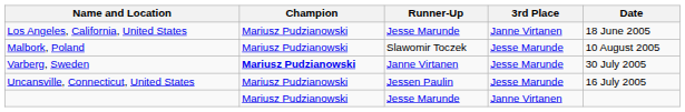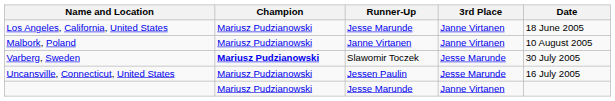 <table class="wikitable" style="display: inline-table;width: 80%;">
 <tr>
 <th>Name and Location</th>
 <th>Champion</th>
 <th>Runner-Up</th>
 <th>3rd Place</th>
 <th>Date</th>
 </tr>
 <tr>
 <td> <a href='#'>Los Angeles</a>, <a href='#'>California</a>, <a href='#'>United States</a> <br> </td>
 <td> <a href='#'>Mariusz Pudzianowski</a></td>
 <td> <a href='#'>Jesse Marunde</a></td>
 <td> <a href='#'>Janne Virtanen</a></td>
 <td>18 June 2005</td>
 </tr>
 <tr>
 <td> <a href='#'>Malbork</a>, <a href='#'>Poland</a> <br> </td>
 <td> <a href='#'>Mariusz Pudzianowski</a></td>
-<td> Slawomir Toczek</td>
-<td> <a href='#'>Jesse Marunde</a></td>
+<td> <a href='#'>Janne Virtanen</a></td>
+<td> <a href='#'>Janne Virtanen</a></td>
 <td>10 August 2005</td>
 </tr>
 <tr>
 <td> <a href='#'>Varberg</a>, <a href='#'>Sweden</a> <br> </td>
 <td><strong> <a href='#'>Mariusz Pudzianowski</a></strong></td>
-<td> <a href='#'>Janne Virtanen</a></td>
+<td> Slawomir Toczek</td>
 <td> <a href='#'>Jesse Marunde</a></td>
 <td>30 July 2005</td>
 </tr>
 <tr>
 <td> <a href='#'>Uncansville</a>, <a href='#'>Connecticut</a>, <a href='#'>United States</a> <br> </td>
 <td> <a href='#'>Mariusz Pudzianowski</a></td>
 <td> <a href='#'>Jessen Paulin</a></td>
 <td> <a href='#'>Jesse Marunde</a></td>
 <td>16 July 2005</td>
 </tr>
 <tr>
 <td></td>
 <td> <a href='#'>Mariusz Pudzianowski</a></td>
 <td> <a href='#'>Jesse Marunde</a></td>
 <td> <a href='#'>Janne Virtanen</a></td>
 <td></td>
 </tr>
 </table>
